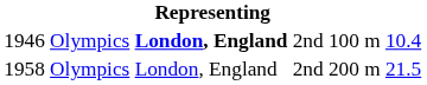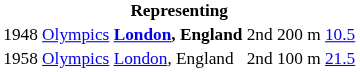 <table>
 <tr>
 <th colspan="6">Representing </th>
 </tr>
 <tr>
-<td>1946</td>
+<td>1948</td>
 <td><a href='#'>Olympics</a></td>
 <td><strong><a href='#'>London</a>, England</strong></td>
 <td>2nd</td>
-<td>100 m</td>
-<td><a href='#'>10.4</a></td>
+<td>200 m</td>
+<td><a href='#'>10.5</a></td>
 </tr>
 <tr>
 <td>1958</td>
 <td><a href='#'>Olympics</a></td>
 <td><a href='#'>London</a>, England</td>
 <td>2nd</td>
-<td>200 m</td>
+<td>100 m</td>
 <td><a href='#'>21.5</a></td>
 </tr>
 </table>
